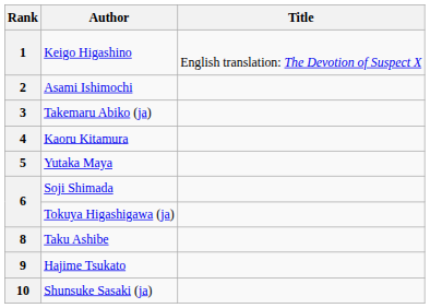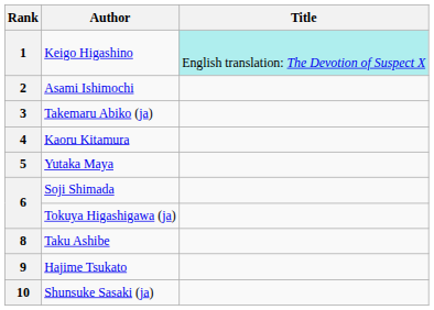 <table class="wikitable sortable" style="font-size:1.00em; line-height:1.5em;">
 <tr>
 <th>Rank</th>
 <th>Author</th>
 <th>Title</th>
 </tr>
 <tr>
 <th>1</th>
 <td><a href='#'>Keigo Higashino</a></td>
-<td><br>English translation: <em><a href='#'>The Devotion of Suspect X</a></em></td>
+<td style="background: paleturquoise;"><br>English translation: <em><a href='#'>The Devotion of Suspect X</a></em></td>
 </tr>
 <tr>
 <th>2</th>
 <td><a href='#'>Asami Ishimochi</a></td>
 <td></td>
 </tr>
 <tr>
 <th>3</th>
 <td><a href='#'>Takemaru Abiko</a> (<a href='#'>ja</a>)</td>
 <td></td>
 </tr>
 <tr>
 <th>4</th>
 <td><a href='#'>Kaoru Kitamura</a></td>
 <td></td>
 </tr>
 <tr>
 <th>5</th>
 <td><a href='#'>Yutaka Maya</a></td>
 <td></td>
 </tr>
 <tr>
 <th rowspan=2>6</th>
 <td><a href='#'>Soji Shimada</a></td>
 <td></td>
 </tr>
 <tr>
 <td><a href='#'>Tokuya Higashigawa</a> (<a href='#'>ja</a>)</td>
 <td></td>
 </tr>
 <tr>
 <th>8</th>
 <td><a href='#'>Taku Ashibe</a></td>
 <td></td>
 </tr>
 <tr>
 <th>9</th>
 <td><a href='#'>Hajime Tsukato</a></td>
 <td></td>
 </tr>
 <tr>
 <th>10</th>
 <td><a href='#'>Shunsuke Sasaki</a> (<a href='#'>ja</a>)</td>
 <td></td>
 </tr>
 </table>
